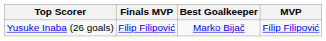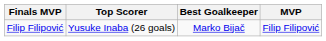 <table class=wikitable style="text-align:center; margin:auto">
 <tr>
+<th>Finals MVP</th>
 <th>Top Scorer</th>
-<th>Finals MVP</th>
 <th>Best Goalkeeper</th>
 <th>MVP</th>
 </tr>
 <tr>
+<td> <a href='#'>Filip Filipović</a></td>
 <td> <a href='#'>Yusuke Inaba</a> (26 goals)</td>
-<td> <a href='#'>Filip Filipović</a></td>
 <td> <a href='#'>Marko Bijač</a></td>
 <td> <a href='#'>Filip Filipović</a></td>
 </tr>
 </table>
